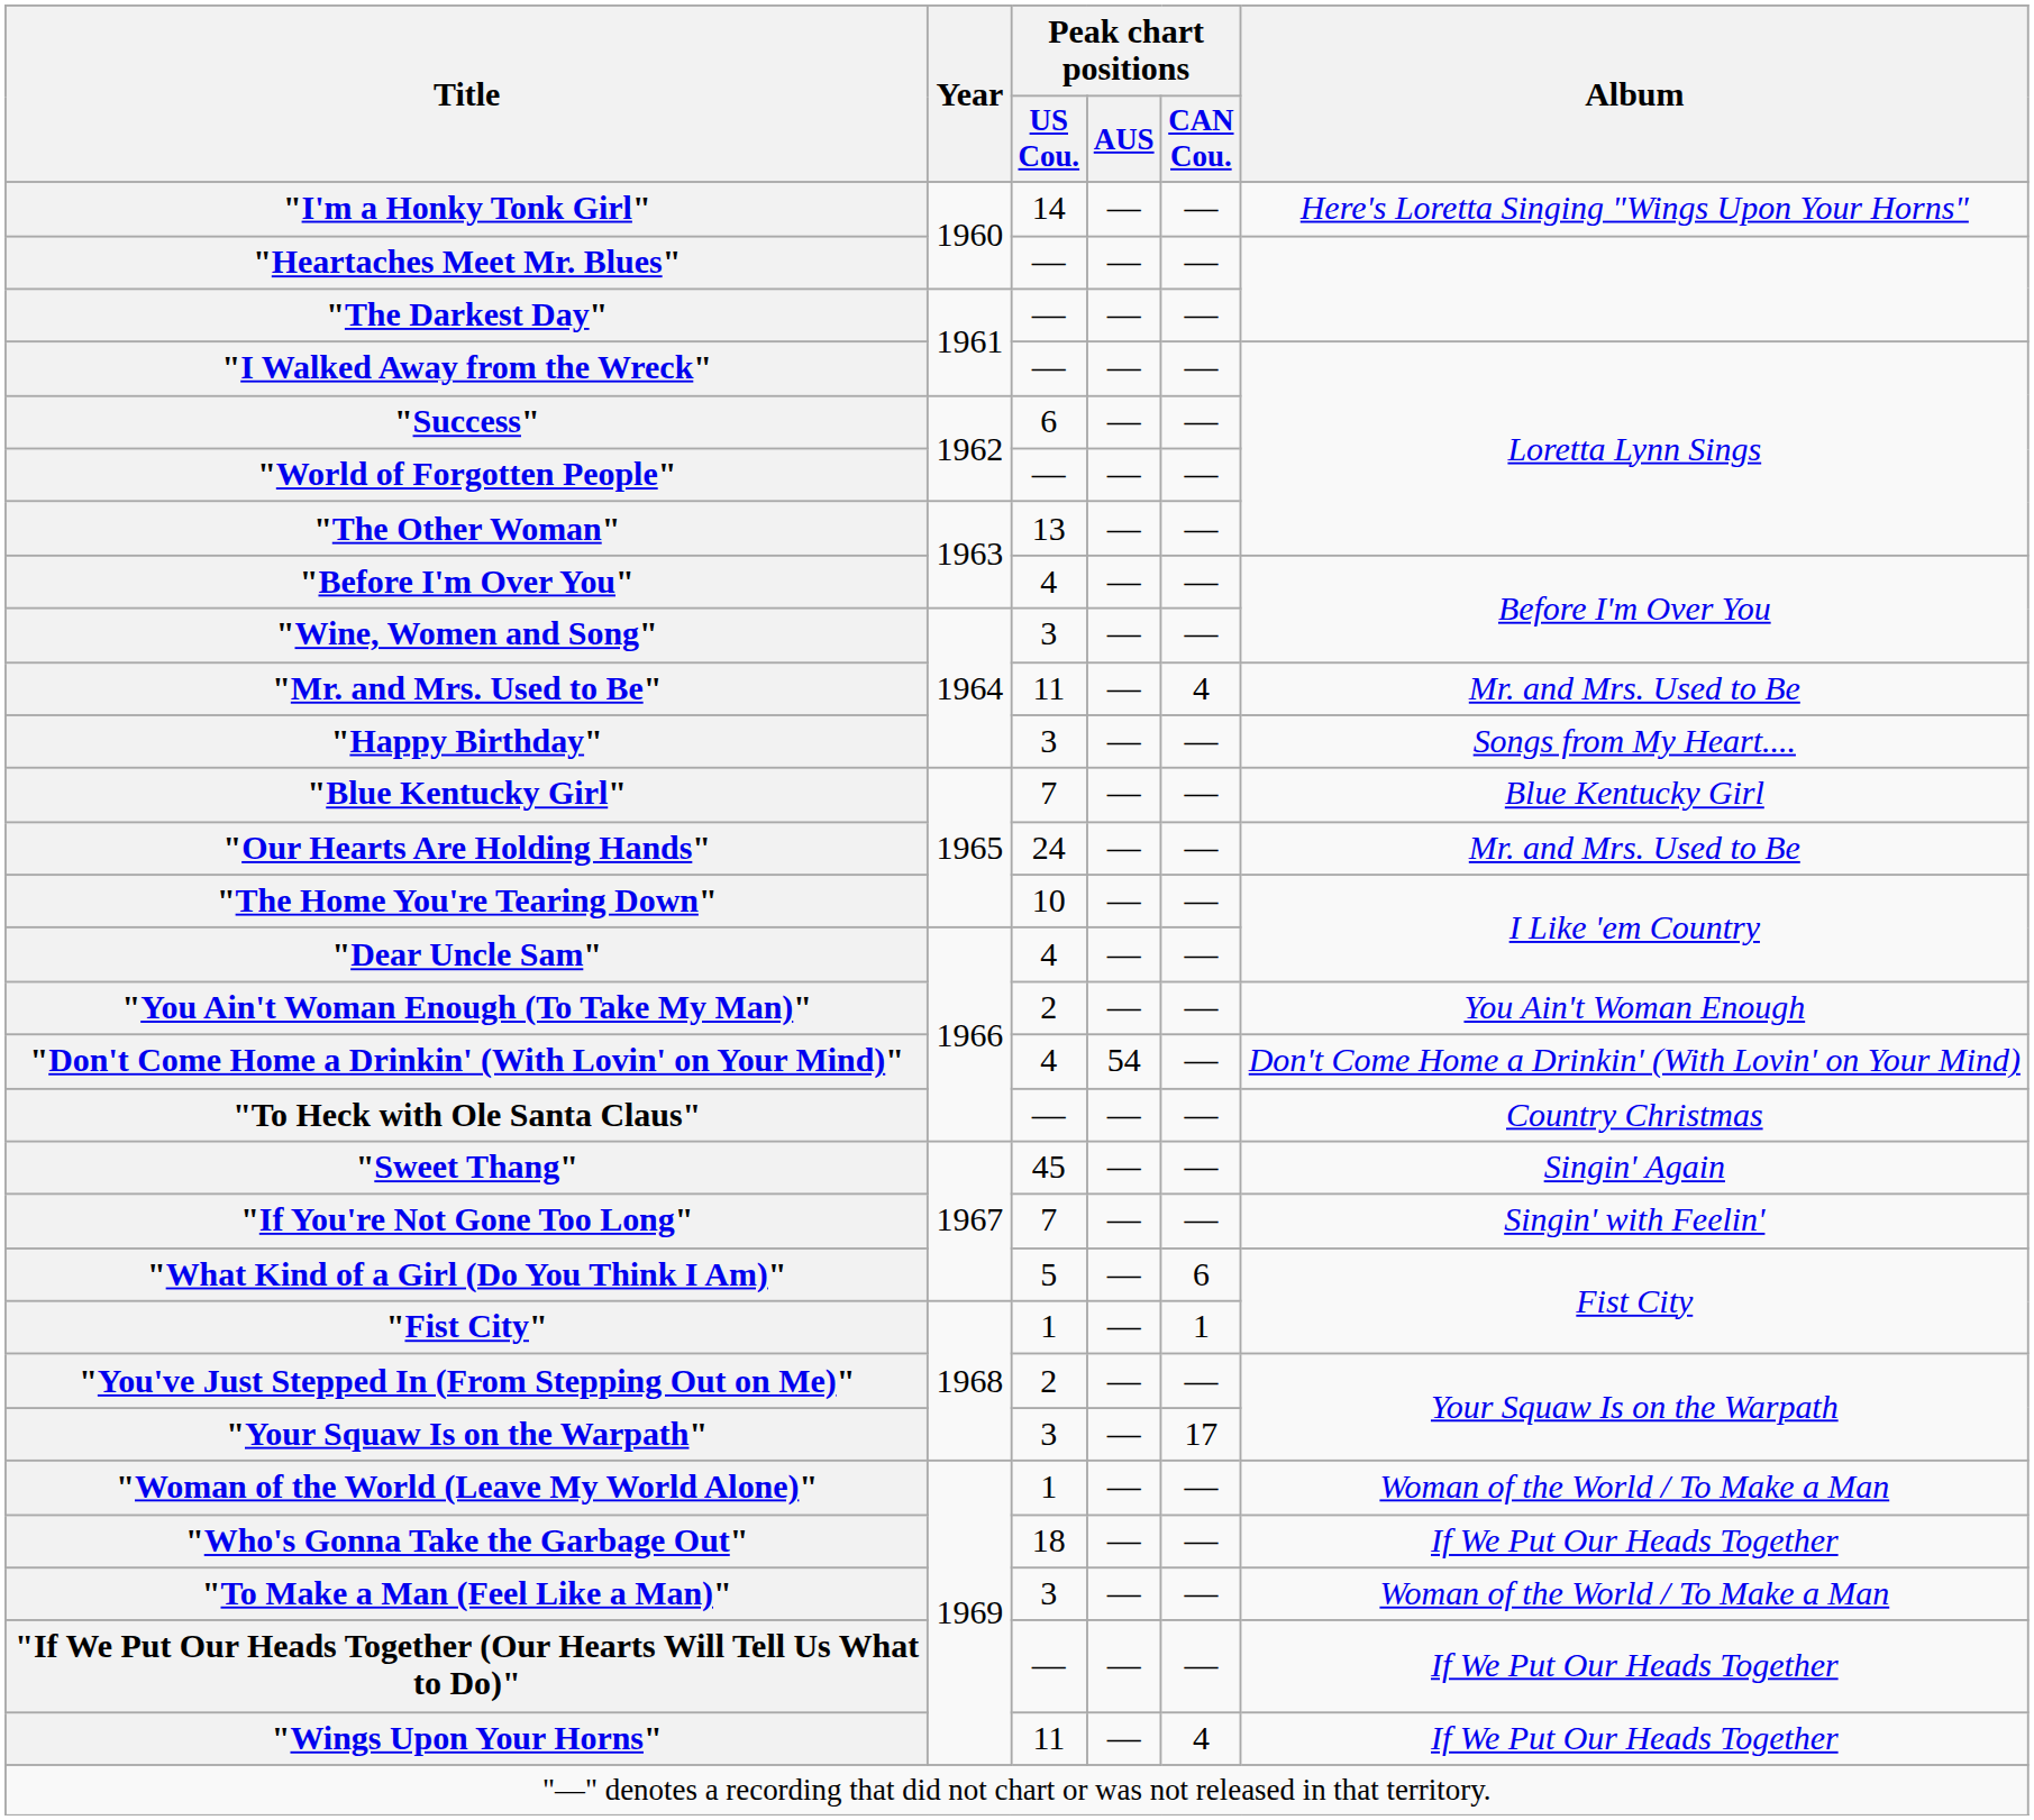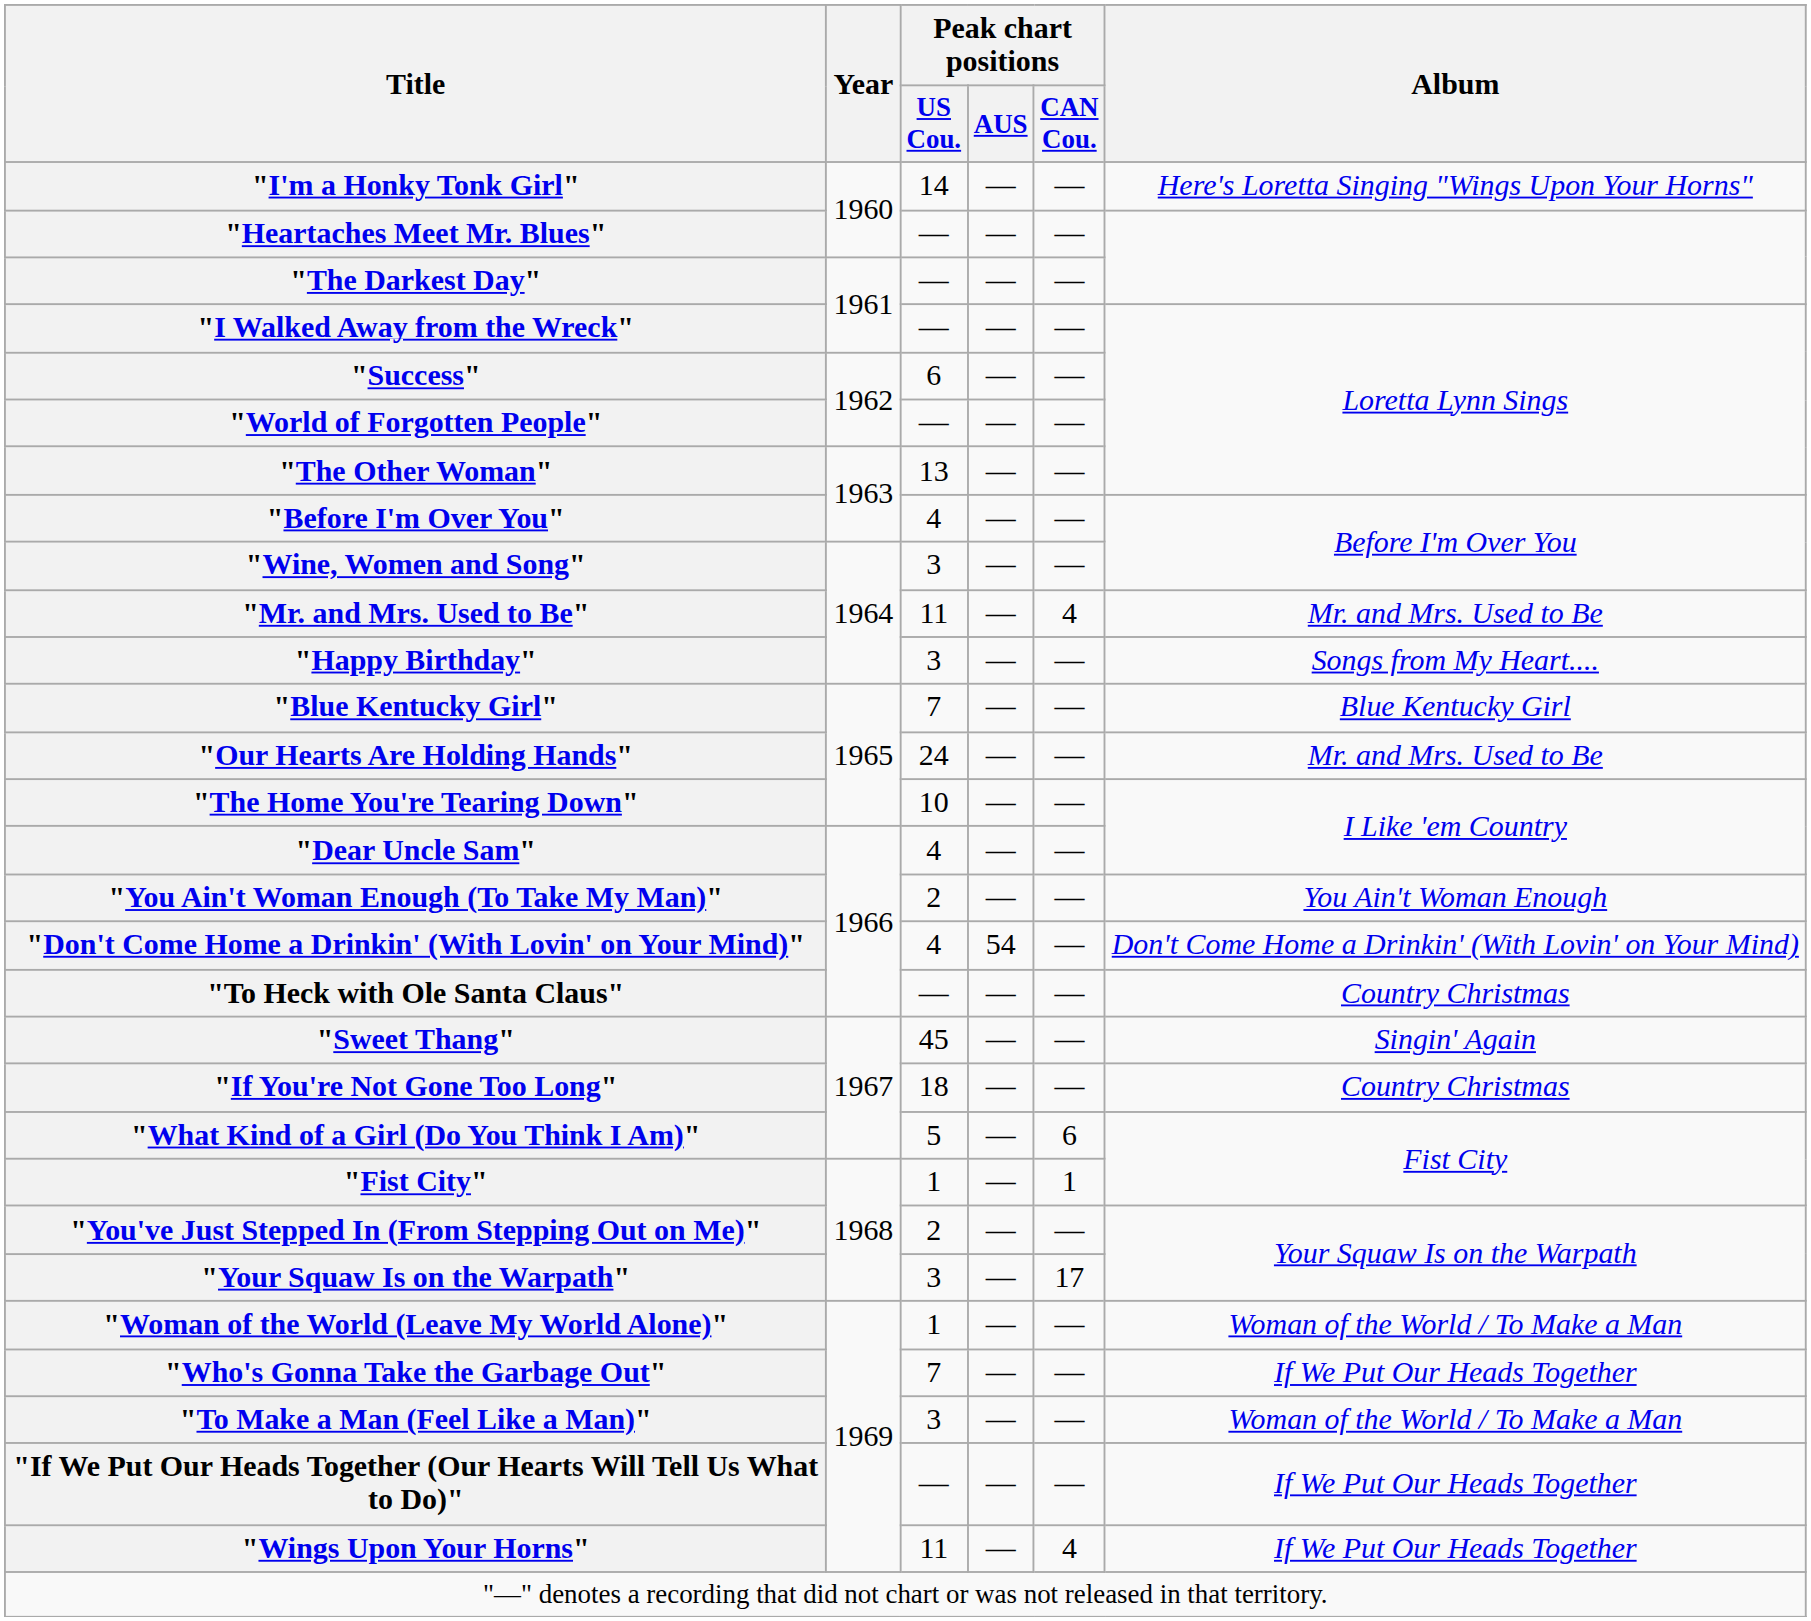 <table class="wikitable plainrowheaders" style="text-align:center;" border="1">
 <tr>
 <th scope="col" rowspan="2" style="width:27em;">Title</th>
 <th scope="col" rowspan="2">Year</th>
 <th scope="col" colspan="3">Peak chart<br>positions</th>
 <th scope="col" rowspan="2">Album</th>
 </tr>
 <tr>
 <th scope="col" style="width:2em;font-size:90%;"><a href='#'>US<br>Cou.</a><br></th>
 <th scope="col" style="width:2em;font-size:90%;"><a href='#'>AUS</a><br></th>
 <th scope="col" style="width:2em;font-size:90%;"><a href='#'>CAN<br>Cou.</a><br></th>
 </tr>
 <tr>
 <th scope="row">"<a href='#'>I'm a Honky Tonk Girl</a>"</th>
 <td rowspan="2">1960</td>
 <td>14</td>
 <td>—</td>
 <td>—</td>
 <td><em><a href='#'>Here's Loretta Singing "Wings Upon Your Horns"</a></em></td>
 </tr>
 <tr>
 <th scope="row">"<a href='#'>Heartaches Meet Mr. Blues</a>"</th>
 <td>—</td>
 <td>—</td>
 <td>—</td>
 </tr>
 <tr>
 <th scope="row">"<a href='#'>The Darkest Day</a>"</th>
 <td rowspan="2">1961</td>
 <td>—</td>
 <td>—</td>
 <td>—</td>
 </tr>
 <tr>
 <th scope="row">"<a href='#'>I Walked Away from the Wreck</a>"</th>
 <td>—</td>
 <td>—</td>
 <td>—</td>
 <td rowspan="4"><em><a href='#'>Loretta Lynn Sings</a></em></td>
 </tr>
 <tr>
 <th scope="row">"<a href='#'>Success</a>"</th>
 <td rowspan="2">1962</td>
 <td>6</td>
 <td>—</td>
 <td>—</td>
 </tr>
 <tr>
 <th scope="row">"<a href='#'>World of Forgotten People</a>"</th>
 <td>—</td>
 <td>—</td>
 <td>—</td>
 </tr>
 <tr>
 <th scope="row">"<a href='#'>The Other Woman</a>"</th>
 <td rowspan="2">1963</td>
 <td>13</td>
 <td>—</td>
 <td>—</td>
 </tr>
 <tr>
 <th scope="row">"<a href='#'>Before I'm Over You</a>"</th>
 <td>4</td>
 <td>—</td>
 <td>—</td>
 <td rowspan="2"><em><a href='#'>Before I'm Over You</a></em></td>
 </tr>
 <tr>
 <th scope="row">"<a href='#'>Wine, Women and Song</a>"</th>
 <td rowspan="3">1964</td>
 <td>3</td>
 <td>—</td>
 <td>—</td>
 </tr>
 <tr>
 <th scope="row">"<a href='#'>Mr. and Mrs. Used to Be</a>" </th>
 <td>11</td>
 <td>—</td>
 <td>4</td>
 <td><em><a href='#'>Mr. and Mrs. Used to Be</a></em></td>
 </tr>
 <tr>
 <th scope="row">"<a href='#'>Happy Birthday</a>"</th>
 <td>3</td>
 <td>—</td>
 <td>—</td>
 <td><em><a href='#'>Songs from My Heart....</a></em></td>
 </tr>
 <tr>
 <th scope="row">"<a href='#'>Blue Kentucky Girl</a>"</th>
 <td rowspan="3">1965</td>
 <td>7</td>
 <td>—</td>
 <td>—</td>
 <td><em><a href='#'>Blue Kentucky Girl</a></em></td>
 </tr>
 <tr>
 <th scope="row">"<a href='#'>Our Hearts Are Holding Hands</a>" </th>
 <td>24</td>
 <td>—</td>
 <td>—</td>
 <td><em><a href='#'>Mr. and Mrs. Used to Be</a></em></td>
 </tr>
 <tr>
 <th scope="row">"<a href='#'>The Home You're Tearing Down</a>"</th>
 <td>10</td>
 <td>—</td>
 <td>—</td>
 <td rowspan="2"><em><a href='#'>I Like 'em Country</a></em></td>
 </tr>
 <tr>
 <th scope="row">"<a href='#'>Dear Uncle Sam</a>"</th>
 <td rowspan="4">1966</td>
 <td>4</td>
 <td>—</td>
 <td>—</td>
 </tr>
 <tr>
 <th scope="row">"<a href='#'>You Ain't Woman Enough (To Take My Man)</a>"</th>
 <td>2</td>
 <td>—</td>
 <td>—</td>
 <td><em><a href='#'>You Ain't Woman Enough</a></em></td>
 </tr>
 <tr>
 <th scope="row">"<a href='#'>Don't Come Home a Drinkin' (With Lovin' on Your Mind)</a>"</th>
 <td>4</td>
 <td>54</td>
 <td>—</td>
 <td><em><a href='#'>Don't Come Home a Drinkin' (With Lovin' on Your Mind)</a></em></td>
 </tr>
 <tr>
 <th scope="row">"To Heck with Ole Santa Claus"</th>
 <td>—</td>
 <td>—</td>
 <td>—</td>
 <td><em><a href='#'>Country Christmas</a></em></td>
 </tr>
 <tr>
 <th scope="row">"<a href='#'>Sweet Thang</a>" </th>
 <td rowspan="3">1967</td>
 <td>45</td>
 <td>—</td>
 <td>—</td>
 <td><em><a href='#'>Singin' Again</a></em></td>
 </tr>
 <tr>
 <th scope="row">"<a href='#'>If You're Not Gone Too Long</a>"</th>
-<td>7</td>
+<td>18</td>
 <td>—</td>
 <td>—</td>
-<td><em><a href='#'>Singin' with Feelin'</a></em></td>
+<td><em><a href='#'>Country Christmas</a></em></td>
 </tr>
 <tr>
 <th scope="row">"<a href='#'>What Kind of a Girl (Do You Think I Am)</a>"</th>
 <td>5</td>
 <td>—</td>
 <td>6</td>
 <td rowspan="2"><em><a href='#'>Fist City</a></em></td>
 </tr>
 <tr>
 <th scope="row">"<a href='#'>Fist City</a>"</th>
 <td rowspan="3">1968</td>
 <td>1</td>
 <td>—</td>
 <td>1</td>
 </tr>
 <tr>
 <th scope="row">"<a href='#'>You've Just Stepped In (From Stepping Out on Me)</a>"</th>
 <td>2</td>
 <td>—</td>
 <td>—</td>
 <td rowspan="2"><em><a href='#'>Your Squaw Is on the Warpath</a></em></td>
 </tr>
 <tr>
 <th scope="row">"<a href='#'>Your Squaw Is on the Warpath</a>"</th>
 <td>3</td>
 <td>—</td>
 <td>17</td>
 </tr>
 <tr>
 <th scope="row">"<a href='#'>Woman of the World (Leave My World Alone)</a>"</th>
 <td rowspan="5">1969</td>
 <td>1</td>
 <td>—</td>
 <td>—</td>
 <td><em><a href='#'>Woman of the World / To Make a Man</a></em></td>
 </tr>
 <tr>
 <th scope="row">"<a href='#'>Who's Gonna Take the Garbage Out</a>" </th>
-<td>18</td>
+<td>7</td>
 <td>—</td>
 <td>—</td>
 <td><em><a href='#'>If We Put Our Heads Together</a></em></td>
 </tr>
 <tr>
 <th scope="row">"<a href='#'>To Make a Man (Feel Like a Man)</a>"</th>
 <td>3</td>
 <td>—</td>
 <td>—</td>
 <td><em><a href='#'>Woman of the World / To Make a Man</a></em></td>
 </tr>
 <tr>
 <th scope="row">"If We Put Our Heads Together (Our Hearts Will Tell Us What to Do)" </th>
 <td>—</td>
 <td>—</td>
 <td>—</td>
 <td><em><a href='#'>If We Put Our Heads Together</a></em></td>
 </tr>
 <tr>
 <th scope="row">"<a href='#'>Wings Upon Your Horns</a>"</th>
 <td>11</td>
 <td>—</td>
 <td>4</td>
 <td><em><a href='#'>If We Put Our Heads Together</a></em></td>
 </tr>
 <tr>
 <td colspan="6" style="font-size:90%">"—" denotes a recording that did not chart or was not released in that territory.</td>
 </tr>
 <tr>
 </tr>
 </table>
